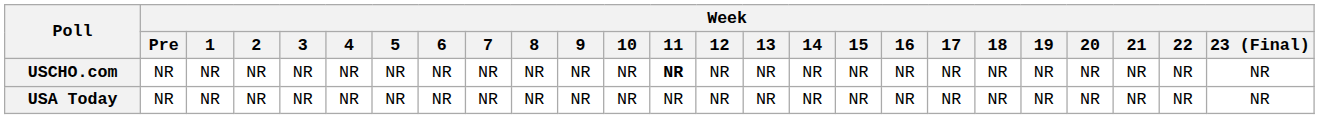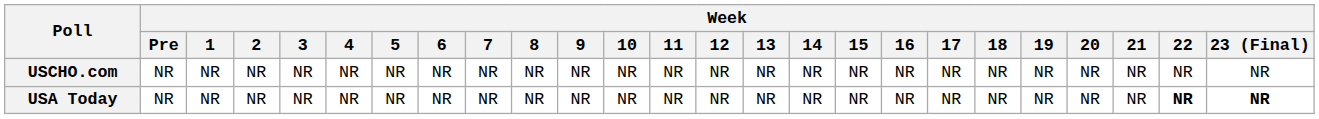 <table class="wikitable" style="white-space:nowrap;">
 <tr>
 <th scope="col" width="100" rowspan="2">Poll</th>
 <th colspan="25">Week</th>
 </tr>
 <tr>
 <th scope="col" width="30">Pre</th>
 <th scope="col" width="30">1</th>
 <th scope="col" width="30">2</th>
 <th scope="col" width="30">3</th>
 <th scope="col" width="30">4</th>
 <th scope="col" width="30">5</th>
 <th scope="col" width="30">6</th>
 <th scope="col" width="30">7</th>
 <th scope="col" width="30">8</th>
 <th scope="col" width="30">9</th>
 <th scope="col" width="30">10</th>
 <th scope="col" width="30">11</th>
 <th scope="col" width="30">12</th>
 <th scope="col" width="30">13</th>
 <th scope="col" width="30">14</th>
 <th scope="col" width="30">15</th>
 <th scope="col" width="30">16</th>
 <th scope="col" width="30">17</th>
 <th scope="col" width="30">18</th>
 <th scope="col" width="30">19</th>
 <th scope="col" width="30">20</th>
 <th scope="col" width="30">21</th>
 <th scope="col" width="30">22</th>
 <th scope="col" width="30">23 (Final)</th>
 </tr>
 <tr style="text-align:center;">
 <th>USCHO.com</th>
 <td bgcolor=FFFFFF>NR</td>
 <td bgcolor=FFFFFF>NR</td>
 <td bgcolor=FFFFFF>NR</td>
 <td bgcolor=FFFFFF>NR</td>
 <td bgcolor=FFFFFF>NR</td>
 <td bgcolor=FFFFFF>NR</td>
 <td bgcolor=FFFFFF>NR</td>
 <td bgcolor=FFFFFF>NR</td>
 <td bgcolor=FFFFFF>NR</td>
 <td bgcolor=FFFFFF>NR</td>
 <td bgcolor=FFFFFF>NR</td>
-<td bgcolor=FFFFFF><strong>NR</strong></td>
+<td bgcolor=FFFFFF>NR</td>
 <td bgcolor=FFFFFF>NR</td>
 <td bgcolor=FFFFFF>NR</td>
 <td bgcolor=FFFFFF>NR</td>
 <td bgcolor=FFFFFF>NR</td>
 <td bgcolor=FFFFFF>NR</td>
 <td bgcolor=FFFFFF>NR</td>
 <td bgcolor=FFFFFF>NR</td>
 <td bgcolor=FFFFFF>NR</td>
 <td bgcolor=FFFFFF>NR</td>
 <td bgcolor=FFFFFF>NR</td>
 <td bgcolor=FFFFFF>NR</td>
 <td bgcolor=FFFFFF>NR</td>
 </tr>
 <tr style="text-align:center;">
 <th>USA Today</th>
 <td bgcolor=FFFFFF>NR</td>
 <td bgcolor=FFFFFF>NR</td>
 <td bgcolor=FFFFFF>NR</td>
 <td bgcolor=FFFFFF>NR</td>
 <td bgcolor=FFFFFF>NR</td>
 <td bgcolor=FFFFFF>NR</td>
 <td bgcolor=FFFFFF>NR</td>
 <td bgcolor=FFFFFF>NR</td>
 <td bgcolor=FFFFFF>NR</td>
 <td bgcolor=FFFFFF>NR</td>
 <td bgcolor=FFFFFF>NR</td>
 <td bgcolor=FFFFFF>NR</td>
 <td bgcolor=FFFFFF>NR</td>
 <td bgcolor=FFFFFF>NR</td>
 <td bgcolor=FFFFFF>NR</td>
 <td bgcolor=FFFFFF>NR</td>
 <td bgcolor=FFFFFF>NR</td>
 <td bgcolor=FFFFFF>NR</td>
 <td bgcolor=FFFFFF>NR</td>
 <td bgcolor=FFFFFF>NR</td>
 <td bgcolor=FFFFFF>NR</td>
 <td bgcolor=FFFFFF>NR</td>
-<td bgcolor=FFFFFF>NR</td>
-<td bgcolor=FFFFFF>NR</td>
+<td bgcolor=FFFFFF><strong>NR</strong></td>
+<td bgcolor=FFFFFF><strong>NR</strong></td>
 </tr>
 </table>
